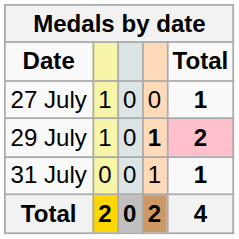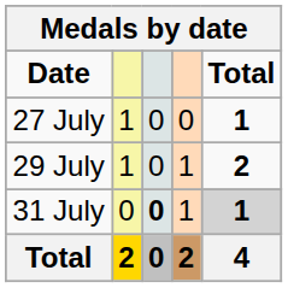 <table class="wikitable" style="font-size:85%">
 <tr bgcolor="#efefef">
 <th colspan=6>Medals by date</th>
 </tr>
 <tr align=center>
 <td><strong>Date</strong></td>
 <td bgcolor=#f7f6a8></td>
 <td bgcolor=#dce5e5></td>
 <td bgcolor=#ffdab9></td>
 <td><strong>Total</strong></td>
 </tr>
 <tr align=center>
 <td>27 July</td>
 <td style="background:#F7F6A8;">1</td>
 <td style="background:#DCE5E5;">0</td>
 <td style="background:#FFDAB9;">0</td>
 <td><strong>1</strong></td>
 </tr>
 <tr align=center>
 <td>29 July</td>
 <td style="background:#F7F6A8;">1</td>
 <td style="background:#DCE5E5;">0</td>
-<td style="background:#FFDAB9;"><strong>1</strong></td>
-<td style="background: pink;"><strong>2</strong></td>
+<td style="background:#FFDAB9;">1</td>
+<td><strong>2</strong></td>
 </tr>
 <tr align=center>
 <td>31 July</td>
 <td style="background:#F7F6A8;">0</td>
-<td style="background:#DCE5E5;">0</td>
+<td style="background:#DCE5E5;"><strong>0</strong></td>
 <td style="background:#FFDAB9;">1</td>
-<td><strong>1</strong></td>
+<td style="background: lightgrey;"><strong>1</strong></td>
 </tr>
 <tr align=center>
 <th><strong>Total</strong></th>
 <th style="background:gold;"><strong>2</strong></th>
 <th style="background:silver;"><strong>0</strong></th>
 <th style="background:#c96;"><strong>2</strong></th>
 <th>4</th>
 </tr>
 </table>
